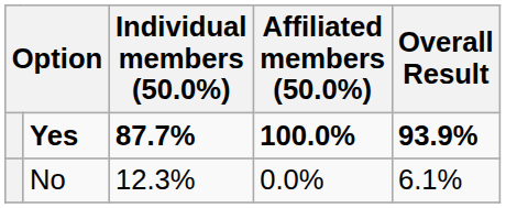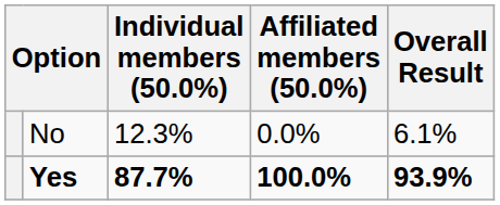 <table class="wikitable">
 <tr>
 <th colspan= 2>Option</th>
 <th>Individual <br> members <br> <strong>(50.0%)</strong></th>
 <th>Affiliated <br> members<br> <strong>(50.0%)</strong></th>
 <th>Overall <br> Result</th>
 </tr>
 <tr>
 <th style="background-color: "></th>
+<td>No</td>
+<td>12.3%</td>
+<td>0.0%</td>
+<td>6.1%</td>
+</tr>
+<tr>
+<th style="background-color: "></th>
 <td><strong>Yes</strong></td>
 <td><strong>87.7%</strong></td>
 <td><strong>100.0%</strong></td>
 <td><strong>93.9%</strong></td>
 </tr>
-<tr>
-<th style="background-color: "></th>
-<td>No</td>
-<td>12.3%</td>
-<td>0.0%</td>
-<td>6.1%</td>
-</tr>
 </table>
